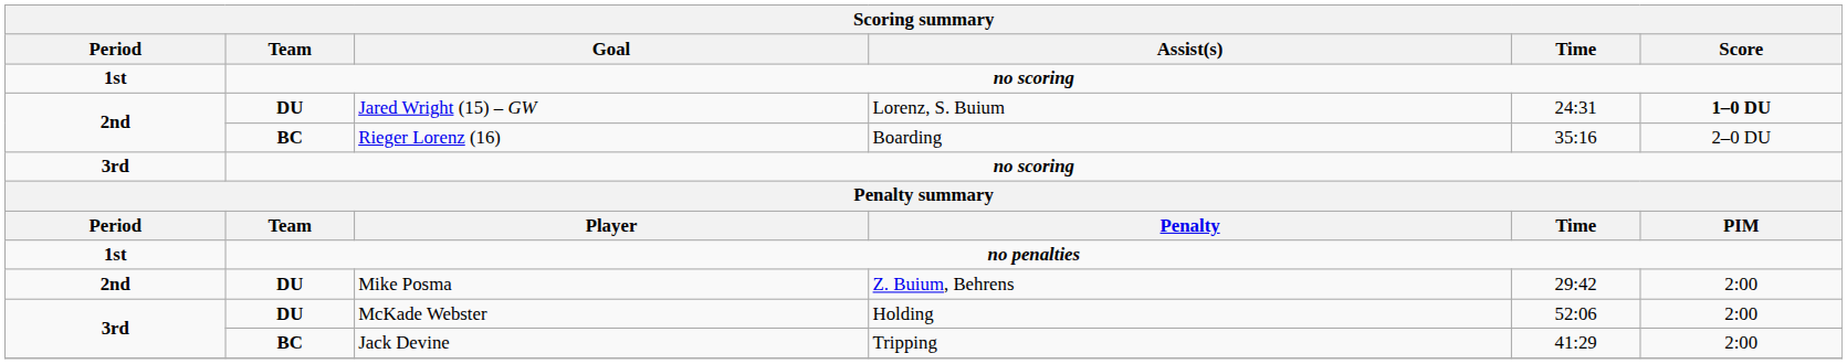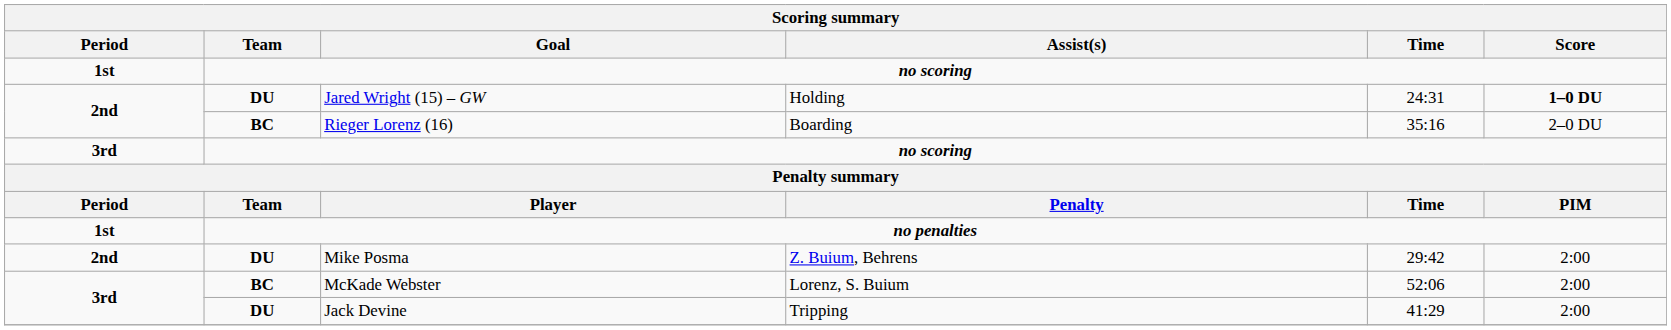 <table style="width:100%;" class="wikitable">
 <tr>
 <th colspan=6>Scoring summary</th>
 </tr>
 <tr>
 <th style="width:12%;">Period</th>
 <th style="width:7%;">Team</th>
 <th style="width:28%;">Goal</th>
 <th style="width:35%;">Assist(s)</th>
 <th style="width:7%;">Time</th>
 <th style="width:11%;">Score</th>
 </tr>
 <tr>
 <td style="text-align:center;" rowspan="1"><strong>1st</strong></td>
 <td style="text-align:center;" colspan=5><strong><em>no scoring</em></strong></td>
 </tr>
 <tr>
 <td style="text-align:center;" rowspan="2"><strong>2nd</strong></td>
 <td align=center><strong>DU</strong></td>
 <td><a href='#'>Jared Wright</a> (15) – <em>GW</em></td>
-<td>Lorenz, S. Buium</td>
+<td>Holding</td>
 <td align=center>24:31</td>
 <td align=center><strong>1–0 DU</strong></td>
 </tr>
 <tr>
 <td align=center><strong>BC</strong></td>
 <td><a href='#'>Rieger Lorenz</a> (16)</td>
 <td>Boarding</td>
 <td align=center>35:16</td>
 <td align=center>2–0 DU</td>
 </tr>
 <tr>
 <td style="text-align:center;" rowspan="1"><strong>3rd</strong></td>
 <td style="text-align:center;" colspan=5><strong><em>no scoring</em></strong></td>
 </tr>
 <tr>
 <th colspan=6>Penalty summary</th>
 </tr>
 <tr>
 <th style="width:12%;">Period</th>
 <th style="width:7%;">Team</th>
 <th style="width:28%;">Player</th>
 <th style="width:35%;"><a href='#'>Penalty</a></th>
 <th style="width:7%;">Time</th>
 <th style="width:11%;">PIM</th>
 </tr>
 <tr>
 <td style="text-align:center;" rowspan="1"><strong>1st</strong></td>
 <td style="text-align:center;" colspan=5><strong><em>no penalties</em></strong></td>
 </tr>
 <tr>
 <td style="text-align:center;" rowspan="1"><strong>2nd</strong></td>
 <td align=center><strong>DU</strong></td>
 <td>Mike Posma</td>
 <td><a href='#'>Z. Buium</a>, Behrens</td>
 <td align=center>29:42</td>
 <td align=center>2:00</td>
 </tr>
 <tr>
 <td style="text-align:center;" rowspan="2"><strong>3rd</strong></td>
-<td align=center><strong>DU</strong></td>
+<td align=center><strong>BC</strong></td>
 <td>McKade Webster</td>
-<td>Holding</td>
+<td>Lorenz, S. Buium</td>
 <td align=center>52:06</td>
 <td align=center>2:00</td>
 </tr>
 <tr>
-<td align=center><strong>BC</strong></td>
+<td align=center><strong>DU</strong></td>
 <td>Jack Devine</td>
 <td>Tripping</td>
 <td align=center>41:29</td>
 <td align=center>2:00</td>
 </tr>
 <tr>
 </tr>
 </table>
